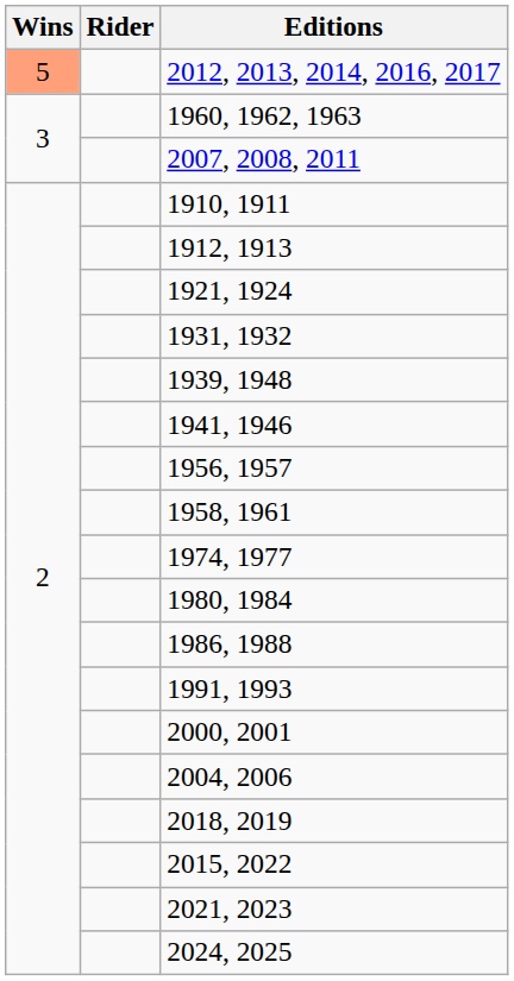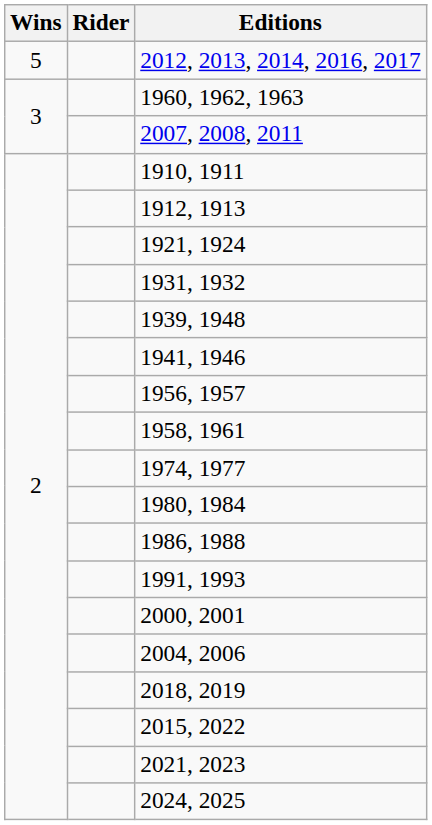 <table class="wikitable">
 <tr>
 <th>Wins</th>
 <th>Rider</th>
 <th>Editions</th>
 </tr>
 <tr>
-<td align=center style="background: lightsalmon;">5</td>
+<td align=center>5</td>
 <td></td>
 <td><a href='#'>2012</a>, <a href='#'>2013</a>, <a href='#'>2014</a>, <a href='#'>2016</a>, <a href='#'>2017</a></td>
 </tr>
 <tr>
 <td align=center rowspan= 2>3</td>
 <td></td>
 <td>1960, 1962, 1963</td>
 </tr>
 <tr>
 <td><em></em></td>
 <td><a href='#'>2007</a>, <a href='#'>2008</a>, <a href='#'>2011</a></td>
 </tr>
 <tr>
 <td align=center rowspan=18>2</td>
 <td></td>
 <td>1910, 1911</td>
 </tr>
 <tr>
 <td></td>
 <td>1912, 1913</td>
 </tr>
 <tr>
 <td></td>
 <td>1921, 1924</td>
 </tr>
 <tr>
 <td></td>
 <td>1931, 1932</td>
 </tr>
 <tr>
 <td></td>
 <td>1939, 1948</td>
 </tr>
 <tr>
 <td></td>
 <td>1941, 1946</td>
 </tr>
 <tr>
 <td></td>
 <td>1956, 1957</td>
 </tr>
 <tr>
 <td></td>
 <td>1958, 1961</td>
 </tr>
 <tr>
 <td></td>
 <td>1974, 1977</td>
 </tr>
 <tr>
 <td></td>
 <td>1980, 1984</td>
 </tr>
 <tr>
 <td></td>
 <td>1986, 1988</td>
 </tr>
 <tr>
 <td></td>
 <td>1991, 1993</td>
 </tr>
 <tr>
 <td></td>
 <td>2000, 2001</td>
 </tr>
 <tr>
 <td></td>
 <td>2004, 2006</td>
 </tr>
 <tr>
 <td><em></em></td>
 <td>2018, 2019</td>
 </tr>
 <tr>
 <td><em></em></td>
 <td>2015, 2022</td>
 </tr>
 <tr>
 <td><em></em></td>
 <td>2021, 2023</td>
 </tr>
 <tr>
 <td><em></em></td>
 <td>2024, 2025</td>
 </tr>
 </table>
